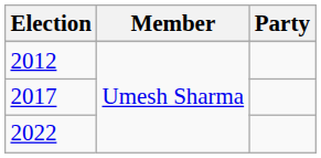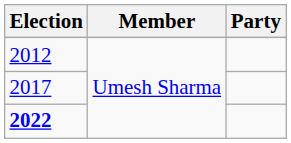 <table class="wikitable sortable">
 <tr>
 <th>Election</th>
 <th>Member</th>
 <th colspan=2>Party</th>
 </tr>
 <tr>
 </tr>
 <tr>
 <td><a href='#'>2012</a></td>
 <td rowspan=3><a href='#'>Umesh Sharma</a></td>
 <td></td>
 </tr>
 <tr>
 <td><a href='#'>2017</a></td>
 <td></td>
 </tr>
 <tr>
-<td><a href='#'>2022</a></td>
+<td><strong><a href='#'>2022</a></strong></td>
 </tr>
 </table>
